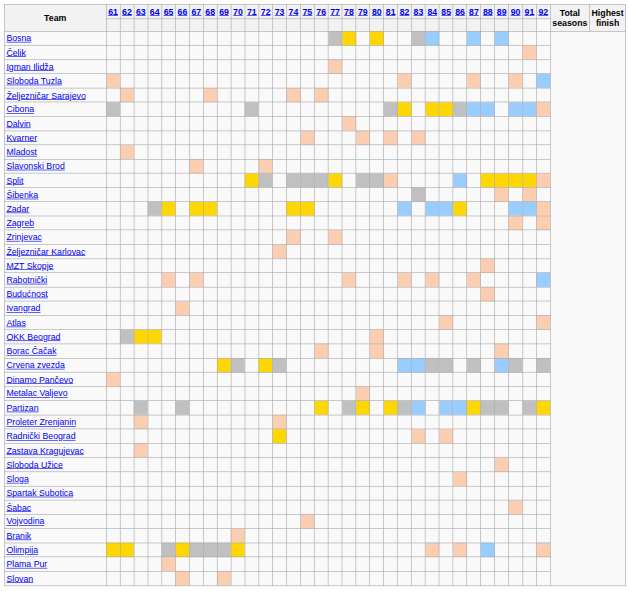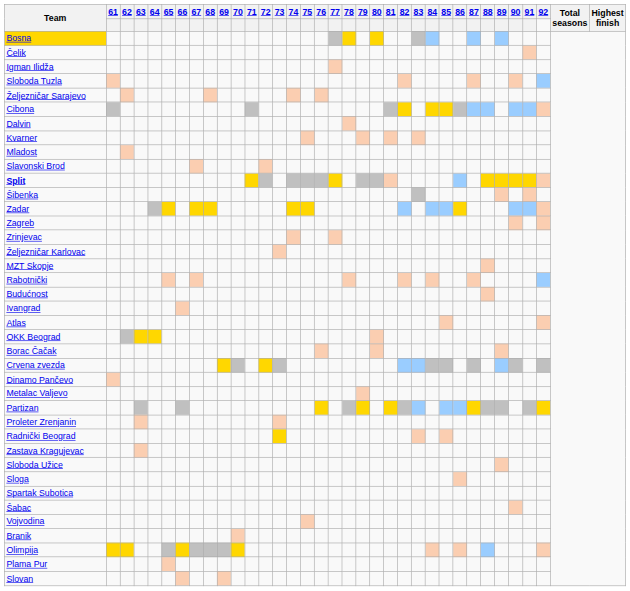 <table class="wikitable sortable" style="font-size:87%">
 <tr>
 <th rowspan="2" style="width:155px;">Team</th>
 <th><a href='#'>61</a></th>
 <th><a href='#'>62</a></th>
 <th><a href='#'>63</a></th>
 <th><a href='#'>64</a></th>
 <th><a href='#'>65</a></th>
 <th><a href='#'>66</a></th>
 <th><a href='#'>67</a></th>
 <th><a href='#'>68</a></th>
 <th><a href='#'>69</a></th>
 <th><a href='#'>70</a></th>
 <th><a href='#'>71</a></th>
 <th><a href='#'>72</a></th>
 <th><a href='#'>73</a></th>
 <th><a href='#'>74</a></th>
 <th><a href='#'>75</a></th>
 <th><a href='#'>76</a></th>
 <th><a href='#'>77</a></th>
 <th><a href='#'>78</a></th>
 <th><a href='#'>79</a></th>
 <th><a href='#'>80</a></th>
 <th><a href='#'>81</a></th>
 <th><a href='#'>82</a></th>
 <th><a href='#'>83</a></th>
 <th><a href='#'>84</a></th>
 <th><a href='#'>85</a></th>
 <th><a href='#'>86</a></th>
 <th><a href='#'>87</a></th>
 <th><a href='#'>88</a></th>
 <th><a href='#'>89</a></th>
 <th><a href='#'>90</a></th>
 <th><a href='#'>91</a></th>
 <th><a href='#'>92</a></th>
 <th rowspan="2">Total<br>seasons</th>
 <th rowspan="2">Highest<br>finish</th>
 </tr>
 <tr style="text-align:center; height:20px;">
 <th scope=row></th>
 <th></th>
 <th></th>
 <th></th>
 <th></th>
 <th></th>
 <th></th>
 <th></th>
 <th></th>
 <th></th>
 <th></th>
 <th></th>
 <th></th>
 <th></th>
 <th></th>
 <th></th>
 <th></th>
 <th></th>
 <th></th>
 <th></th>
 <th></th>
 <th></th>
 <th></th>
 <th></th>
 <th></th>
 <th></th>
 <th></th>
 <th></th>
 <th></th>
 <th></th>
 <th></th>
 </tr>
 <tr>
-<td align="left"> <a href='#'>Bosna</a></td>
+<td align="left" style="background: gold;"> <a href='#'>Bosna</a></td>
 <td></td>
 <td></td>
 <td></td>
 <td></td>
 <td></td>
 <td></td>
 <td></td>
 <td></td>
 <td></td>
 <td></td>
 <td></td>
 <td></td>
 <td></td>
 <td></td>
 <td></td>
 <td></td>
 <td style="background:silver"></td>
 <td bgcolor="gold"></td>
 <td></td>
 <td bgcolor="gold"></td>
 <td></td>
 <td></td>
 <td style="background:silver"></td>
 <td style="background:#9acdff"></td>
 <td></td>
 <td></td>
 <td style="background:#9acdff"></td>
 <td></td>
 <td style="background:#9acdff"></td>
 <td></td>
 <td></td>
 <td></td>
 </tr>
 <tr>
 <td align="left"> <a href='#'>Čelik</a></td>
 <td></td>
 <td></td>
 <td></td>
 <td></td>
 <td></td>
 <td></td>
 <td></td>
 <td></td>
 <td></td>
 <td></td>
 <td></td>
 <td></td>
 <td></td>
 <td></td>
 <td></td>
 <td></td>
 <td></td>
 <td></td>
 <td></td>
 <td></td>
 <td></td>
 <td></td>
 <td></td>
 <td></td>
 <td></td>
 <td></td>
 <td></td>
 <td></td>
 <td></td>
 <td></td>
 <td style="background-color:#FBCEB1"></td>
 <td></td>
 </tr>
 <tr>
 <td align="left"> <a href='#'>Igman Ilidža</a></td>
 <td></td>
 <td></td>
 <td></td>
 <td></td>
 <td></td>
 <td></td>
 <td></td>
 <td></td>
 <td></td>
 <td></td>
 <td></td>
 <td></td>
 <td></td>
 <td></td>
 <td></td>
 <td></td>
 <td style="background-color:#FBCEB1"></td>
 <td></td>
 <td></td>
 <td></td>
 <td></td>
 <td></td>
 <td></td>
 <td></td>
 <td></td>
 <td></td>
 <td></td>
 <td></td>
 <td></td>
 <td></td>
 <td></td>
 <td></td>
 </tr>
 <tr>
 <td align="left"> <a href='#'>Sloboda Tuzla</a></td>
 <td style="background-color:#FBCEB1"></td>
 <td></td>
 <td></td>
 <td></td>
 <td></td>
 <td></td>
 <td></td>
 <td></td>
 <td></td>
 <td></td>
 <td></td>
 <td></td>
 <td></td>
 <td></td>
 <td></td>
 <td></td>
 <td></td>
 <td></td>
 <td></td>
 <td></td>
 <td></td>
 <td style="background-color:#FBCEB1"></td>
 <td></td>
 <td></td>
 <td></td>
 <td></td>
 <td style="background-color:#FBCEB1"></td>
 <td></td>
 <td></td>
 <td style="background-color:#FBCEB1"></td>
 <td></td>
 <td style="background:#9acdff"></td>
 </tr>
 <tr>
 <td align="left"> <a href='#'>Željezničar Sarajevo</a></td>
 <td></td>
 <td style="background-color:#FBCEB1"></td>
 <td></td>
 <td></td>
 <td></td>
 <td></td>
 <td></td>
 <td style="background-color:#FBCEB1"></td>
 <td></td>
 <td></td>
 <td></td>
 <td></td>
 <td></td>
 <td style="background-color:#FBCEB1"></td>
 <td></td>
 <td style="background-color:#FBCEB1"></td>
 <td></td>
 <td></td>
 <td></td>
 <td></td>
 <td></td>
 <td></td>
 <td></td>
 <td></td>
 <td></td>
 <td></td>
 <td></td>
 <td></td>
 <td></td>
 <td></td>
 <td></td>
 <td></td>
 </tr>
 <tr>
 <td align="left"> <a href='#'>Cibona</a></td>
 <td style="background:silver"></td>
 <td></td>
 <td></td>
 <td></td>
 <td></td>
 <td></td>
 <td></td>
 <td></td>
 <td></td>
 <td></td>
 <td style="background:silver"></td>
 <td></td>
 <td></td>
 <td></td>
 <td></td>
 <td></td>
 <td></td>
 <td></td>
 <td></td>
 <td></td>
 <td style="background:silver"></td>
 <td bgcolor="gold"></td>
 <td></td>
 <td bgcolor="gold"></td>
 <td bgcolor="gold"></td>
 <td style="background:silver"></td>
 <td style="background:#9acdff"></td>
 <td style="background:#9acdff"></td>
 <td></td>
 <td style="background:#9acdff"></td>
 <td style="background:#9acdff"></td>
 <td style="background-color:#FBCEB1"></td>
 </tr>
 <tr>
 <td align="left"> <a href='#'>Dalvin</a></td>
 <td></td>
 <td></td>
 <td></td>
 <td></td>
 <td></td>
 <td></td>
 <td></td>
 <td></td>
 <td></td>
 <td></td>
 <td></td>
 <td></td>
 <td></td>
 <td></td>
 <td></td>
 <td></td>
 <td></td>
 <td style="background-color:#FBCEB1"></td>
 <td></td>
 <td></td>
 <td></td>
 <td></td>
 <td></td>
 <td></td>
 <td></td>
 <td></td>
 <td></td>
 <td></td>
 <td></td>
 <td></td>
 <td></td>
 <td></td>
 </tr>
 <tr>
 <td align="left"> <a href='#'>Kvarner</a></td>
 <td></td>
 <td></td>
 <td></td>
 <td></td>
 <td></td>
 <td></td>
 <td></td>
 <td></td>
 <td></td>
 <td></td>
 <td></td>
 <td></td>
 <td></td>
 <td></td>
 <td style="background-color:#FBCEB1"></td>
 <td></td>
 <td></td>
 <td></td>
 <td style="background-color:#FBCEB1"></td>
 <td></td>
 <td style="background-color:#FBCEB1"></td>
 <td></td>
 <td style="background-color:#FBCEB1"></td>
 <td></td>
 <td></td>
 <td></td>
 <td></td>
 <td></td>
 <td></td>
 <td></td>
 <td></td>
 <td></td>
 </tr>
 <tr>
 <td align="left"> <a href='#'>Mladost</a></td>
 <td></td>
 <td style="background-color:#FBCEB1"></td>
 <td></td>
 <td></td>
 <td></td>
 <td></td>
 <td></td>
 <td></td>
 <td></td>
 <td></td>
 <td></td>
 <td></td>
 <td></td>
 <td></td>
 <td></td>
 <td></td>
 <td></td>
 <td></td>
 <td></td>
 <td></td>
 <td></td>
 <td></td>
 <td></td>
 <td></td>
 <td></td>
 <td></td>
 <td></td>
 <td></td>
 <td></td>
 <td></td>
 <td></td>
 <td></td>
 </tr>
 <tr>
 <td align="left"> <a href='#'>Slavonski Brod</a></td>
 <td></td>
 <td></td>
 <td></td>
 <td></td>
 <td></td>
 <td></td>
 <td style="background-color:#FBCEB1"></td>
 <td></td>
 <td></td>
 <td></td>
 <td></td>
 <td style="background-color:#FBCEB1"></td>
 <td></td>
 <td></td>
 <td></td>
 <td></td>
 <td></td>
 <td></td>
 <td></td>
 <td></td>
 <td></td>
 <td></td>
 <td></td>
 <td></td>
 <td></td>
 <td></td>
 <td></td>
 <td></td>
 <td></td>
 <td></td>
 <td></td>
 <td></td>
 </tr>
 <tr>
-<td align="left"> <a href='#'>Split</a></td>
+<td align="left"><strong> <a href='#'>Split</a></strong></td>
 <td></td>
 <td></td>
 <td></td>
 <td></td>
 <td></td>
 <td></td>
 <td></td>
 <td></td>
 <td></td>
 <td></td>
 <td bgcolor="gold"></td>
 <td style="background:silver"></td>
 <td></td>
 <td style="background:silver"></td>
 <td style="background:silver"></td>
 <td style="background:silver"></td>
 <td bgcolor="gold"></td>
 <td></td>
 <td style="background:silver"></td>
 <td style="background:silver"></td>
 <td style="background-color:#FBCEB1"></td>
 <td></td>
 <td></td>
 <td></td>
 <td></td>
 <td style="background:#9acdff"></td>
 <td></td>
 <td bgcolor="gold"></td>
 <td bgcolor="gold"></td>
 <td bgcolor="gold"></td>
 <td bgcolor="gold"></td>
 <td style="background-color:#FBCEB1"></td>
 </tr>
 <tr>
 <td align="left"> <a href='#'>Šibenka</a></td>
 <td></td>
 <td></td>
 <td></td>
 <td></td>
 <td></td>
 <td></td>
 <td></td>
 <td></td>
 <td></td>
 <td></td>
 <td></td>
 <td></td>
 <td></td>
 <td></td>
 <td></td>
 <td></td>
 <td></td>
 <td></td>
 <td></td>
 <td></td>
 <td></td>
 <td></td>
 <td style="background:silver"></td>
 <td></td>
 <td></td>
 <td></td>
 <td></td>
 <td></td>
 <td style="background-color:#FBCEB1"></td>
 <td></td>
 <td style="background-color:#FBCEB1"></td>
 <td></td>
 </tr>
 <tr>
 <td align="left"> <a href='#'>Zadar</a></td>
 <td></td>
 <td></td>
 <td></td>
 <td style="background:silver"></td>
 <td bgcolor="gold"></td>
 <td></td>
 <td bgcolor="gold"></td>
 <td bgcolor="gold"></td>
 <td></td>
 <td></td>
 <td></td>
 <td></td>
 <td></td>
 <td bgcolor="gold"></td>
 <td bgcolor="gold"></td>
 <td></td>
 <td></td>
 <td></td>
 <td></td>
 <td></td>
 <td></td>
 <td style="background:#9acdff"></td>
 <td></td>
 <td style="background:#9acdff"></td>
 <td style="background:#9acdff"></td>
 <td bgcolor="gold"></td>
 <td></td>
 <td></td>
 <td></td>
 <td style="background:#9acdff"></td>
 <td style="background:#9acdff"></td>
 <td style="background-color:#FBCEB1"></td>
 </tr>
 <tr>
 <td align="left"> <a href='#'>Zagreb</a></td>
 <td></td>
 <td></td>
 <td></td>
 <td></td>
 <td></td>
 <td></td>
 <td></td>
 <td></td>
 <td></td>
 <td></td>
 <td></td>
 <td></td>
 <td></td>
 <td></td>
 <td></td>
 <td></td>
 <td></td>
 <td></td>
 <td></td>
 <td></td>
 <td></td>
 <td></td>
 <td></td>
 <td></td>
 <td></td>
 <td></td>
 <td></td>
 <td></td>
 <td></td>
 <td style="background-color:#FBCEB1"></td>
 <td></td>
 <td style="background-color:#FBCEB1"></td>
 </tr>
 <tr>
 <td align="left"> <a href='#'>Zrinjevac</a></td>
 <td></td>
 <td></td>
 <td></td>
 <td></td>
 <td></td>
 <td></td>
 <td></td>
 <td></td>
 <td></td>
 <td></td>
 <td></td>
 <td></td>
 <td></td>
 <td style="background-color:#FBCEB1"></td>
 <td></td>
 <td></td>
 <td style="background-color:#FBCEB1"></td>
 <td></td>
 <td></td>
 <td></td>
 <td></td>
 <td></td>
 <td></td>
 <td></td>
 <td></td>
 <td></td>
 <td></td>
 <td></td>
 <td></td>
 <td></td>
 <td></td>
 <td></td>
 </tr>
 <tr>
 <td align="left"> <a href='#'>Željezničar Karlovac</a></td>
 <td></td>
 <td></td>
 <td></td>
 <td></td>
 <td></td>
 <td></td>
 <td></td>
 <td></td>
 <td></td>
 <td></td>
 <td></td>
 <td></td>
 <td style="background-color:#FBCEB1"></td>
 <td></td>
 <td></td>
 <td></td>
 <td></td>
 <td></td>
 <td></td>
 <td></td>
 <td></td>
 <td></td>
 <td></td>
 <td></td>
 <td></td>
 <td></td>
 <td></td>
 <td></td>
 <td></td>
 <td></td>
 <td></td>
 <td></td>
 </tr>
 <tr>
 <td align="left"><strong></strong> <a href='#'>MZT Skopje</a></td>
 <td></td>
 <td></td>
 <td></td>
 <td></td>
 <td></td>
 <td></td>
 <td></td>
 <td></td>
 <td></td>
 <td></td>
 <td></td>
 <td></td>
 <td></td>
 <td></td>
 <td></td>
 <td></td>
 <td></td>
 <td></td>
 <td></td>
 <td></td>
 <td></td>
 <td></td>
 <td></td>
 <td></td>
 <td></td>
 <td></td>
 <td></td>
 <td style="background-color:#FBCEB1"></td>
 <td></td>
 <td></td>
 <td></td>
 <td></td>
 </tr>
 <tr>
 <td align="left"><strong></strong> <a href='#'>Rabotnički</a></td>
 <td></td>
 <td></td>
 <td></td>
 <td></td>
 <td style="background-color:#FBCEB1"></td>
 <td></td>
 <td style="background-color:#FBCEB1"></td>
 <td></td>
 <td></td>
 <td></td>
 <td></td>
 <td></td>
 <td></td>
 <td></td>
 <td></td>
 <td></td>
 <td></td>
 <td style="background-color:#FBCEB1"></td>
 <td></td>
 <td></td>
 <td></td>
 <td style="background-color:#FBCEB1"></td>
 <td></td>
 <td style="background-color:#FBCEB1"></td>
 <td></td>
 <td></td>
 <td style="background-color:#FBCEB1"></td>
 <td></td>
 <td></td>
 <td></td>
 <td></td>
 <td style="background:#9acdff"></td>
 </tr>
 <tr>
 <td align="left"><strong></strong> <a href='#'>Budućnost</a></td>
 <td></td>
 <td></td>
 <td></td>
 <td></td>
 <td></td>
 <td></td>
 <td></td>
 <td></td>
 <td></td>
 <td></td>
 <td></td>
 <td></td>
 <td></td>
 <td></td>
 <td></td>
 <td></td>
 <td></td>
 <td></td>
 <td></td>
 <td></td>
 <td></td>
 <td></td>
 <td></td>
 <td></td>
 <td></td>
 <td></td>
 <td></td>
 <td style="background-color:#FBCEB1"></td>
 <td></td>
 <td></td>
 <td></td>
 <td></td>
 </tr>
 <tr>
 <td align="left"><strong></strong> <a href='#'>Ivangrad</a></td>
 <td></td>
 <td></td>
 <td></td>
 <td></td>
 <td></td>
 <td style="background-color:#FBCEB1"></td>
 <td></td>
 <td></td>
 <td></td>
 <td></td>
 <td></td>
 <td></td>
 <td></td>
 <td></td>
 <td></td>
 <td></td>
 <td></td>
 <td></td>
 <td></td>
 <td></td>
 <td></td>
 <td></td>
 <td></td>
 <td></td>
 <td></td>
 <td></td>
 <td></td>
 <td></td>
 <td></td>
 <td></td>
 <td></td>
 <td></td>
 </tr>
 <tr>
 <td align="left"> <a href='#'>Atlas</a></td>
 <td></td>
 <td></td>
 <td></td>
 <td></td>
 <td></td>
 <td></td>
 <td></td>
 <td></td>
 <td></td>
 <td></td>
 <td></td>
 <td></td>
 <td></td>
 <td></td>
 <td></td>
 <td></td>
 <td></td>
 <td></td>
 <td></td>
 <td></td>
 <td></td>
 <td></td>
 <td></td>
 <td></td>
 <td style="background-color:#FBCEB1"></td>
 <td></td>
 <td></td>
 <td></td>
 <td></td>
 <td></td>
 <td></td>
 <td style="background-color:#FBCEB1"></td>
 </tr>
 <tr>
 <td align="left"> <a href='#'>OKK Beograd</a></td>
 <td></td>
 <td style="background:silver"></td>
 <td bgcolor="gold"></td>
 <td bgcolor="gold"></td>
 <td></td>
 <td></td>
 <td></td>
 <td></td>
 <td></td>
 <td></td>
 <td></td>
 <td></td>
 <td></td>
 <td></td>
 <td></td>
 <td></td>
 <td></td>
 <td></td>
 <td></td>
 <td style="background-color:#FBCEB1"></td>
 <td></td>
 <td></td>
 <td></td>
 <td></td>
 <td></td>
 <td></td>
 <td></td>
 <td></td>
 <td></td>
 <td></td>
 <td></td>
 <td></td>
 </tr>
 <tr>
 <td align="left"> <a href='#'>Borac Čačak</a></td>
 <td></td>
 <td></td>
 <td></td>
 <td></td>
 <td></td>
 <td></td>
 <td></td>
 <td></td>
 <td></td>
 <td></td>
 <td></td>
 <td></td>
 <td></td>
 <td></td>
 <td></td>
 <td style="background-color:#FBCEB1"></td>
 <td></td>
 <td></td>
 <td></td>
 <td style="background-color:#FBCEB1"></td>
 <td></td>
 <td></td>
 <td></td>
 <td></td>
 <td></td>
 <td></td>
 <td></td>
 <td></td>
 <td style="background-color:#FBCEB1"></td>
 <td></td>
 <td></td>
 <td></td>
 </tr>
 <tr>
 <td align="left"> <a href='#'>Crvena zvezda</a></td>
 <td></td>
 <td></td>
 <td></td>
 <td></td>
 <td></td>
 <td></td>
 <td></td>
 <td></td>
 <td bgcolor="gold"></td>
 <td style="background:silver"></td>
 <td></td>
 <td bgcolor="gold"></td>
 <td style="background:silver"></td>
 <td></td>
 <td></td>
 <td></td>
 <td></td>
 <td></td>
 <td></td>
 <td></td>
 <td></td>
 <td style="background:#9acdff"></td>
 <td style="background:#9acdff"></td>
 <td style="background:silver"></td>
 <td style="background:silver"></td>
 <td></td>
 <td style="background:silver"></td>
 <td></td>
 <td style="background:#9acdff"></td>
 <td style="background:silver"></td>
 <td></td>
 <td style="background:silver"></td>
 </tr>
 <tr>
 <td align="left"> <a href='#'>Dinamo Pančevo</a></td>
 <td style="background-color:#FBCEB1"></td>
 <td></td>
 <td></td>
 <td></td>
 <td></td>
 <td></td>
 <td></td>
 <td></td>
 <td></td>
 <td></td>
 <td></td>
 <td></td>
 <td></td>
 <td></td>
 <td></td>
 <td></td>
 <td></td>
 <td></td>
 <td></td>
 <td></td>
 <td></td>
 <td></td>
 <td></td>
 <td></td>
 <td></td>
 <td></td>
 <td></td>
 <td></td>
 <td></td>
 <td></td>
 <td></td>
 <td></td>
 </tr>
 <tr>
 <td align="left"> <a href='#'>Metalac Valjevo</a></td>
 <td></td>
 <td></td>
 <td></td>
 <td></td>
 <td></td>
 <td></td>
 <td></td>
 <td></td>
 <td></td>
 <td></td>
 <td></td>
 <td></td>
 <td></td>
 <td></td>
 <td></td>
 <td></td>
 <td></td>
 <td></td>
 <td style="background-color:#FBCEB1"></td>
 <td></td>
 <td></td>
 <td></td>
 <td></td>
 <td></td>
 <td></td>
 <td></td>
 <td></td>
 <td></td>
 <td></td>
 <td></td>
 <td></td>
 <td></td>
 </tr>
 <tr>
 <td align="left"> <a href='#'>Partizan</a></td>
 <td></td>
 <td></td>
 <td style="background:silver"></td>
 <td></td>
 <td></td>
 <td style="background:silver"></td>
 <td></td>
 <td></td>
 <td></td>
 <td></td>
 <td></td>
 <td></td>
 <td></td>
 <td></td>
 <td></td>
 <td bgcolor="gold"></td>
 <td></td>
 <td style="background:silver"></td>
 <td bgcolor="gold"></td>
 <td></td>
 <td bgcolor="gold"></td>
 <td style="background:silver"></td>
 <td style="background:#9acdff"></td>
 <td></td>
 <td style="background:#9acdff"></td>
 <td style="background:#9acdff"></td>
 <td bgcolor="gold"></td>
 <td style="background:silver"></td>
 <td style="background:silver"></td>
 <td></td>
 <td style="background:silver"></td>
 <td bgcolor="gold"></td>
 </tr>
 <tr>
 <td align="left"> <a href='#'>Proleter Zrenjanin</a></td>
 <td></td>
 <td></td>
 <td style="background-color:#FBCEB1"></td>
 <td></td>
 <td></td>
 <td></td>
 <td></td>
 <td></td>
 <td></td>
 <td></td>
 <td></td>
 <td></td>
 <td style="background-color:#FBCEB1"></td>
 <td></td>
 <td></td>
 <td></td>
 <td></td>
 <td></td>
 <td></td>
 <td></td>
 <td></td>
 <td></td>
 <td></td>
 <td></td>
 <td></td>
 <td></td>
 <td></td>
 <td></td>
 <td></td>
 <td></td>
 <td></td>
 <td></td>
 </tr>
 <tr>
 <td align="left"> <a href='#'>Radnički Beograd</a></td>
 <td></td>
 <td></td>
 <td></td>
 <td></td>
 <td></td>
 <td></td>
 <td></td>
 <td></td>
 <td></td>
 <td></td>
 <td></td>
 <td></td>
 <td bgcolor="gold"></td>
 <td></td>
 <td></td>
 <td></td>
 <td></td>
 <td></td>
 <td></td>
 <td></td>
 <td></td>
 <td></td>
 <td style="background-color:#FBCEB1"></td>
 <td></td>
 <td style="background-color:#FBCEB1"></td>
 <td></td>
 <td></td>
 <td></td>
 <td></td>
 <td></td>
 <td></td>
 <td></td>
 </tr>
 <tr>
 <td align="left"> <a href='#'>Zastava Kragujevac</a></td>
 <td></td>
 <td></td>
 <td style="background-color:#FBCEB1"></td>
 <td></td>
 <td></td>
 <td></td>
 <td></td>
 <td></td>
 <td></td>
 <td></td>
 <td></td>
 <td></td>
 <td></td>
 <td></td>
 <td></td>
 <td></td>
 <td></td>
 <td></td>
 <td></td>
 <td></td>
 <td></td>
 <td></td>
 <td></td>
 <td></td>
 <td></td>
 <td></td>
 <td></td>
 <td></td>
 <td></td>
 <td></td>
 <td></td>
 <td></td>
 </tr>
 <tr>
 <td align="left"> <a href='#'>Sloboda Užice</a></td>
 <td></td>
 <td></td>
 <td></td>
 <td></td>
 <td></td>
 <td></td>
 <td></td>
 <td></td>
 <td></td>
 <td></td>
 <td></td>
 <td></td>
 <td></td>
 <td></td>
 <td></td>
 <td></td>
 <td></td>
 <td></td>
 <td></td>
 <td></td>
 <td></td>
 <td></td>
 <td></td>
 <td></td>
 <td></td>
 <td></td>
 <td></td>
 <td></td>
 <td style="background-color:#FBCEB1"></td>
 <td></td>
 <td></td>
 <td></td>
 </tr>
 <tr>
 <td align="left"> <a href='#'>Sloga</a></td>
 <td></td>
 <td></td>
 <td></td>
 <td></td>
 <td></td>
 <td></td>
 <td></td>
 <td></td>
 <td></td>
 <td></td>
 <td></td>
 <td></td>
 <td></td>
 <td></td>
 <td></td>
 <td></td>
 <td></td>
 <td></td>
 <td></td>
 <td></td>
 <td></td>
 <td></td>
 <td></td>
 <td></td>
 <td></td>
 <td style="background-color:#FBCEB1"></td>
 <td></td>
 <td></td>
 <td></td>
 <td></td>
 <td></td>
 <td></td>
 </tr>
 <tr>
 <td align="left"> <a href='#'>Spartak Subotica</a></td>
 <td></td>
 <td></td>
 <td></td>
 <td></td>
 <td></td>
 <td></td>
 <td></td>
 <td></td>
 <td></td>
 <td></td>
 <td></td>
 <td></td>
 <td></td>
 <td></td>
 <td></td>
 <td></td>
 <td></td>
 <td></td>
 <td></td>
 <td></td>
 <td></td>
 <td></td>
 <td></td>
 <td></td>
 <td></td>
 <td></td>
 <td></td>
 <td></td>
 <td></td>
 <td></td>
 <td></td>
 <td></td>
 </tr>
 <tr>
 <td align="left"> <a href='#'>Šabac</a></td>
 <td></td>
 <td></td>
 <td></td>
 <td></td>
 <td></td>
 <td></td>
 <td></td>
 <td></td>
 <td></td>
 <td></td>
 <td></td>
 <td></td>
 <td></td>
 <td></td>
 <td></td>
 <td></td>
 <td></td>
 <td></td>
 <td></td>
 <td></td>
 <td></td>
 <td></td>
 <td></td>
 <td></td>
 <td></td>
 <td></td>
 <td></td>
 <td></td>
 <td></td>
 <td style="background-color:#FBCEB1"></td>
 <td></td>
 <td></td>
 </tr>
 <tr>
 <td align="left"> <a href='#'>Vojvodina</a></td>
 <td></td>
 <td></td>
 <td></td>
 <td></td>
 <td></td>
 <td></td>
 <td></td>
 <td></td>
 <td></td>
 <td></td>
 <td></td>
 <td></td>
 <td></td>
 <td></td>
 <td style="background-color:#FBCEB1"></td>
 <td></td>
 <td></td>
 <td></td>
 <td></td>
 <td></td>
 <td></td>
 <td></td>
 <td></td>
 <td></td>
 <td></td>
 <td></td>
 <td></td>
 <td></td>
 <td></td>
 <td></td>
 <td></td>
 <td></td>
 </tr>
 <tr>
 <td align="left"> <a href='#'>Branik</a></td>
 <td></td>
 <td></td>
 <td></td>
 <td></td>
 <td></td>
 <td></td>
 <td></td>
 <td></td>
 <td></td>
 <td style="background-color:#FBCEB1"></td>
 <td></td>
 <td></td>
 <td></td>
 <td></td>
 <td></td>
 <td></td>
 <td></td>
 <td></td>
 <td></td>
 <td></td>
 <td></td>
 <td></td>
 <td></td>
 <td></td>
 <td></td>
 <td></td>
 <td></td>
 <td></td>
 <td></td>
 <td></td>
 <td></td>
 <td></td>
 </tr>
 <tr>
 <td align="left"> <a href='#'>Olimpija</a></td>
 <td bgcolor="gold"></td>
 <td bgcolor="gold"></td>
 <td></td>
 <td></td>
 <td style="background:silver"></td>
 <td bgcolor="gold"></td>
 <td style="background:silver"></td>
 <td style="background:silver"></td>
 <td style="background:silver"></td>
 <td bgcolor="gold"></td>
 <td></td>
 <td></td>
 <td></td>
 <td></td>
 <td></td>
 <td></td>
 <td></td>
 <td></td>
 <td></td>
 <td></td>
 <td></td>
 <td></td>
 <td></td>
 <td style="background-color:#FBCEB1"></td>
 <td></td>
 <td style="background-color:#FBCEB1"></td>
 <td></td>
 <td style="background:#9acdff"></td>
 <td></td>
 <td></td>
 <td></td>
 <td style="background-color:#FBCEB1"></td>
 </tr>
 <tr>
 <td align="left"> <a href='#'>Plama Pur</a></td>
 <td></td>
 <td></td>
 <td></td>
 <td></td>
 <td style="background-color:#FBCEB1"></td>
 <td></td>
 <td></td>
 <td></td>
 <td></td>
 <td></td>
 <td></td>
 <td></td>
 <td></td>
 <td></td>
 <td></td>
 <td></td>
 <td></td>
 <td></td>
 <td></td>
 <td></td>
 <td></td>
 <td></td>
 <td></td>
 <td></td>
 <td></td>
 <td></td>
 <td></td>
 <td></td>
 <td></td>
 <td></td>
 <td></td>
 <td></td>
 </tr>
 <tr>
 <td align="left"> <a href='#'>Slovan</a></td>
 <td></td>
 <td></td>
 <td></td>
 <td></td>
 <td></td>
 <td style="background-color:#FBCEB1"></td>
 <td></td>
 <td></td>
 <td style="background-color:#FBCEB1"></td>
 <td></td>
 <td></td>
 <td></td>
 <td></td>
 <td></td>
 <td></td>
 <td></td>
 <td></td>
 <td></td>
 <td></td>
 <td></td>
 <td></td>
 <td></td>
 <td></td>
 <td></td>
 <td></td>
 <td></td>
 <td></td>
 <td></td>
 <td></td>
 <td></td>
 <td></td>
 <td></td>
 </tr>
 </table>
